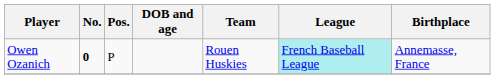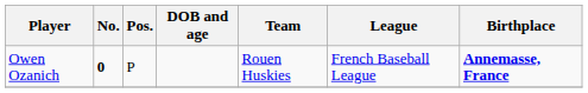 <table class="wikitable sortable">
 <tr>
 <th>Player</th>
 <th>No.</th>
 <th>Pos.</th>
 <th>DOB and age</th>
 <th>Team</th>
 <th>League</th>
 <th>Birthplace</th>
 </tr>
 <tr>
 <td><a href='#'>Owen Ozanich</a></td>
 <td><strong>0</strong></td>
 <td>P</td>
 <td></td>
 <td> <a href='#'>Rouen Huskies</a></td>
-<td style="background: paleturquoise;"><a href='#'>French Baseball League</a></td>
-<td><a href='#'>Annemasse, France</a></td>
+<td><a href='#'>French Baseball League</a></td>
+<td><strong><a href='#'>Annemasse, France</a></strong></td>
 </tr>
 <tr>
 </tr>
 </table>
